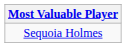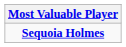 <table class=wikitable style="text-align:center; margin:auto">
 <tr>
 <th><a href='#'>Most Valuable Player</a></th>
 </tr>
 <tr>
-<td> <a href='#'>Sequoia Holmes</a></td>
+<td><strong> <a href='#'>Sequoia Holmes</a></strong></td>
 </tr>
 </table>
